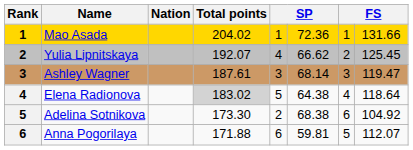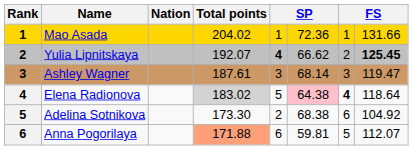 <table class="wikitable sortable">
 <tr>
 <th>Rank</th>
 <th>Name</th>
 <th>Nation</th>
 <th>Total points</th>
 <th colspan="2" width="80px"><a href='#'>SP</a></th>
 <th colspan="2" width="80px"><a href='#'>FS</a></th>
 </tr>
 <tr bgcolor="gold">
 <td align="center"><strong>1</strong></td>
 <td><a href='#'>Mao Asada</a></td>
 <td></td>
 <td align="center">204.02</td>
 <td align="center">1</td>
 <td align="center">72.36</td>
 <td align="center">1</td>
 <td align="center">131.66</td>
 </tr>
 <tr bgcolor="silver">
 <td align="center"><strong>2</strong></td>
 <td><a href='#'>Yulia Lipnitskaya</a></td>
 <td></td>
 <td align="center">192.07</td>
-<td align="center">4</td>
+<td align="center"><strong>4</strong></td>
 <td align="center">66.62</td>
 <td align="center">2</td>
-<td align="center">125.45</td>
+<td align="center"><strong>125.45</strong></td>
 </tr>
 <tr bgcolor="cc9966">
 <td align="center"><strong>3</strong></td>
 <td><a href='#'>Ashley Wagner</a></td>
 <td></td>
 <td align="center">187.61</td>
 <td align="center">3</td>
 <td align="center">68.14</td>
 <td align="center">3</td>
 <td align="center">119.47</td>
 </tr>
 <tr>
 <th>4</th>
 <td><a href='#'>Elena Radionova</a></td>
 <td></td>
 <td align="center" style="background: lightgrey;">183.02</td>
 <td align="center">5</td>
-<td align="center">64.38</td>
-<td align="center">4</td>
+<td align="center" style="background: pink;">64.38</td>
+<td align="center"><strong>4</strong></td>
 <td align="center">118.64</td>
 </tr>
 <tr>
 <th>5</th>
 <td><a href='#'>Adelina Sotnikova</a></td>
 <td></td>
 <td align="center">173.30</td>
 <td align="center">2</td>
 <td align="center">68.38</td>
 <td align="center">6</td>
 <td align="center">104.92</td>
 </tr>
 <tr>
 <th>6</th>
 <td><a href='#'>Anna Pogorilaya</a></td>
 <td></td>
-<td align="center">171.88</td>
+<td align="center" style="background: lightsalmon;">171.88</td>
 <td align="center">6</td>
 <td align="center">59.81</td>
 <td align="center">5</td>
 <td align="center">112.07</td>
 </tr>
 </table>
